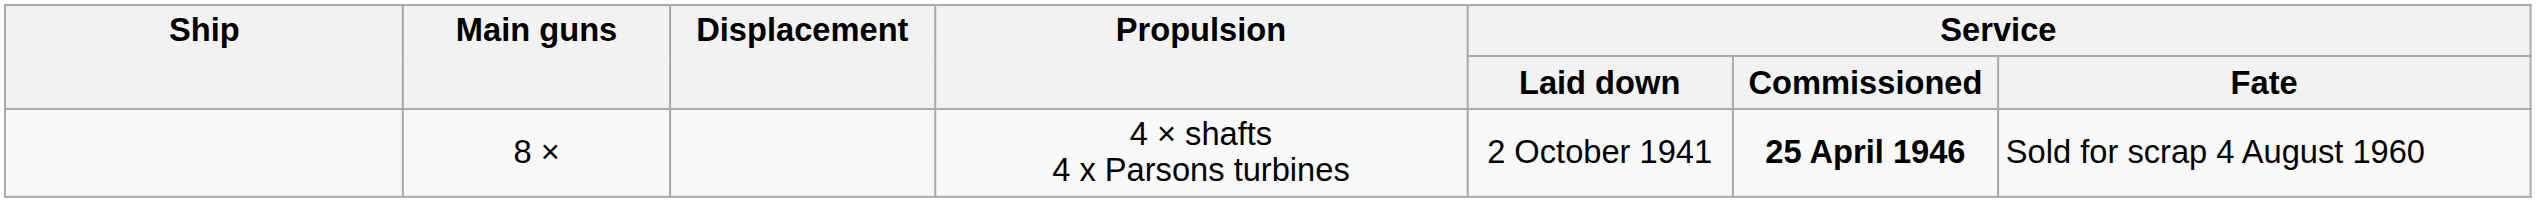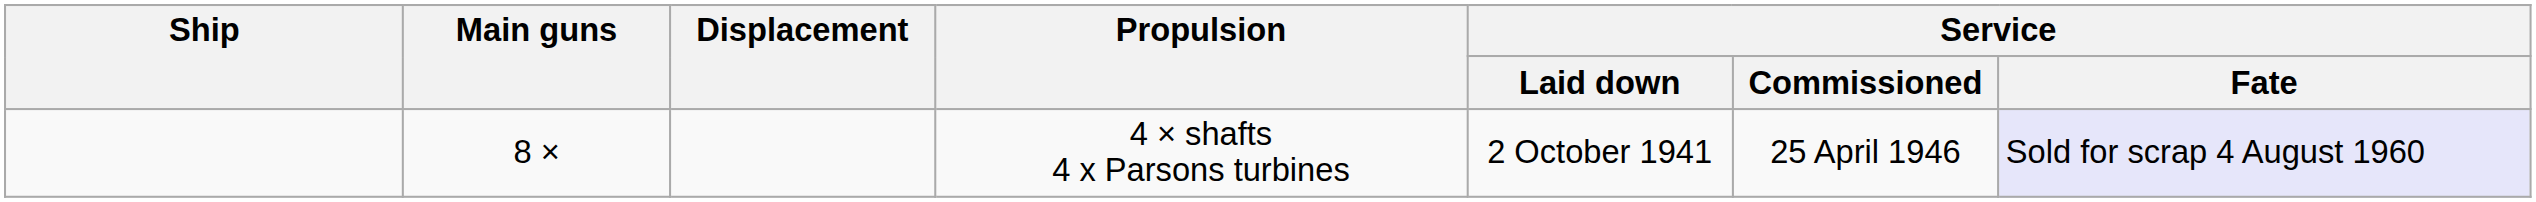 <table class="wikitable" style="width:98%;">
 <tr valign="top"|- valign="top">
 <th style="width:15%; text-align:center;" rowspan="2">Ship</th>
 <th style="width:10%; text-align:center;" rowspan="2">Main guns</th>
 <th style="width:10%; text-align:center;" rowspan="2">Displacement</th>
 <th style="width:20%; text-align:center;" rowspan="2">Propulsion</th>
 <th style="width:40%; text-align:center;" colspan="3">Service</th>
 </tr>
 <tr valign="top">
 <th style="width:10%; text-align:center;">Laid down</th>
 <th style="width:10%; text-align:center;">Commissioned</th>
 <th style="width:20%; text-align:center;">Fate</th>
 </tr>
 <tr valign="center">
 <td align= center></td>
 <td style="text-align:center;">8 × </td>
 <td style="text-align:center;"></td>
 <td align= center>4 × shafts<br>4 x Parsons turbines<br></td>
 <td style="text-align:center;">2 October 1941</td>
-<td style="text-align:center;"><strong>25 April 1946</strong></td>
-<td align= left>Sold for scrap 4 August 1960</td>
+<td style="text-align:center;">25 April 1946</td>
+<td align= left style="background: lavender;">Sold for scrap 4 August 1960</td>
 </tr>
 </table>
